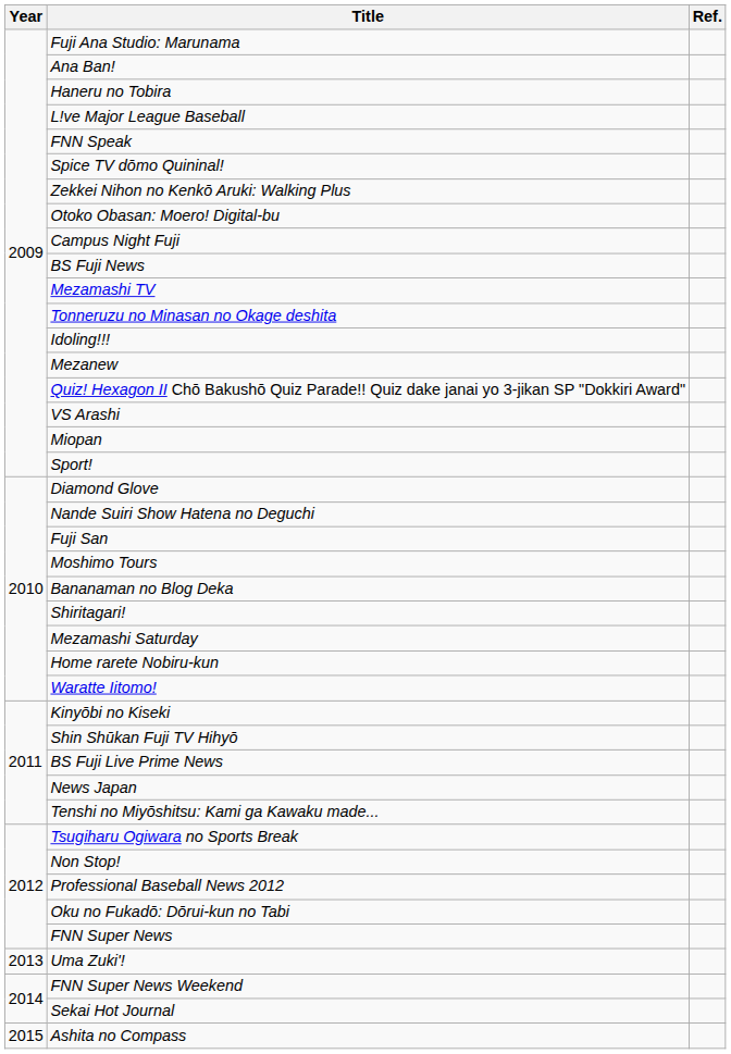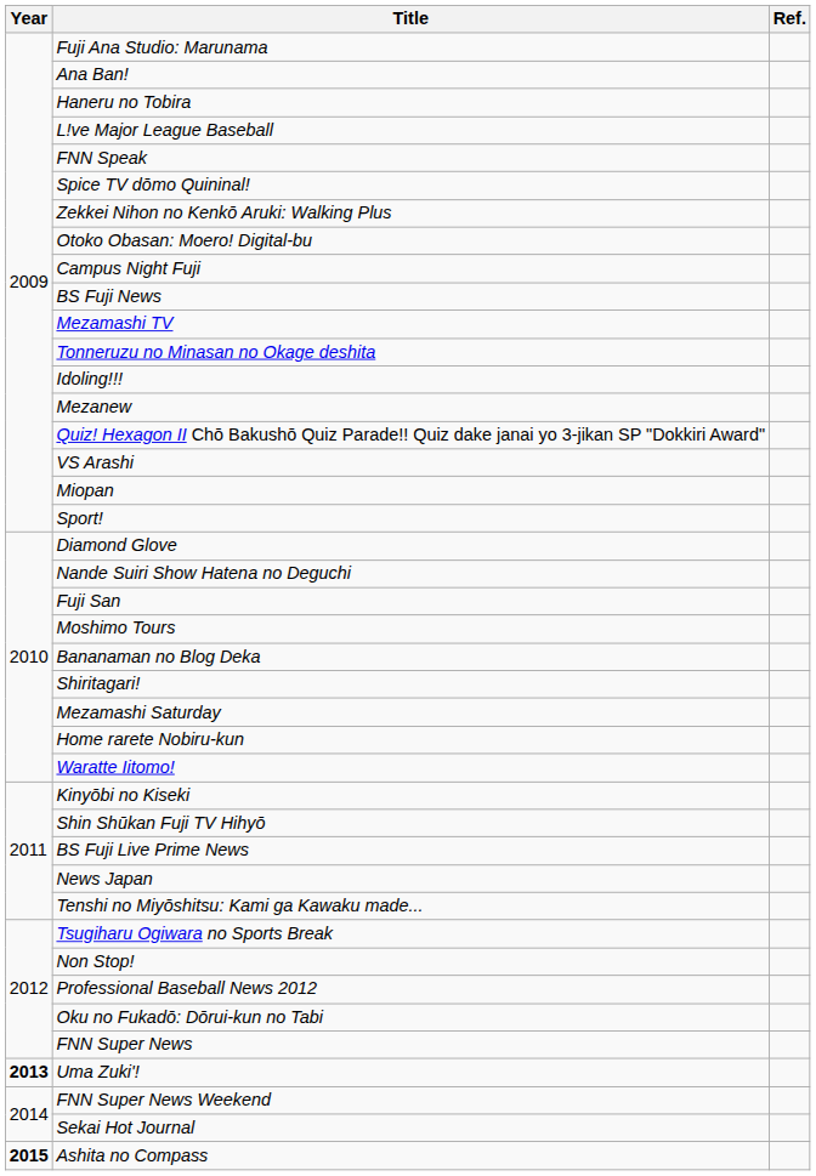 <table class="wikitable">
 <tr>
 <th>Year</th>
 <th>Title</th>
 <th>Ref.</th>
 </tr>
 <tr>
 <td rowspan="18">2009</td>
 <td><em>Fuji Ana Studio: Marunama</em></td>
 <td></td>
 </tr>
 <tr>
 <td><em>Ana Ban!</em></td>
 <td></td>
 </tr>
 <tr>
 <td><em>Haneru no Tobira</em></td>
 <td></td>
 </tr>
 <tr>
 <td><em>L!ve Major League Baseball</em></td>
 <td></td>
 </tr>
 <tr>
 <td><em>FNN Speak</em></td>
 <td></td>
 </tr>
 <tr>
 <td><em>Spice TV dōmo Quininal!</em></td>
 <td></td>
 </tr>
 <tr>
 <td><em>Zekkei Nihon no Kenkō Aruki: Walking Plus</em></td>
 <td></td>
 </tr>
 <tr>
 <td><em>Otoko Obasan: Moero! Digital-bu</em></td>
 <td></td>
 </tr>
 <tr>
 <td><em>Campus Night Fuji</em></td>
 <td></td>
 </tr>
 <tr>
 <td><em>BS Fuji News</em></td>
 <td></td>
 </tr>
 <tr>
 <td><em><a href='#'>Mezamashi TV</a></em></td>
 <td></td>
 </tr>
 <tr>
 <td><em><a href='#'>Tonneruzu no Minasan no Okage deshita</a></em></td>
 <td></td>
 </tr>
 <tr>
 <td><em>Idoling!!!</em></td>
 <td></td>
 </tr>
 <tr>
 <td><em>Mezanew</em></td>
 <td></td>
 </tr>
 <tr>
 <td><em><a href='#'>Quiz! Hexagon II</a></em> Chō Bakushō Quiz Parade!! Quiz dake janai yo 3-jikan SP "Dokkiri Award"</td>
 <td></td>
 </tr>
 <tr>
 <td><em>VS Arashi</em></td>
 <td></td>
 </tr>
 <tr>
 <td><em>Miopan</em></td>
 <td></td>
 </tr>
 <tr>
 <td><em>Sport!</em></td>
 <td></td>
 </tr>
 <tr>
 <td rowspan="9">2010</td>
 <td><em>Diamond Glove</em></td>
 <td></td>
 </tr>
 <tr>
 <td><em>Nande Suiri Show Hatena no Deguchi</em></td>
 <td></td>
 </tr>
 <tr>
 <td><em>Fuji San</em></td>
 <td></td>
 </tr>
 <tr>
 <td><em>Moshimo Tours</em></td>
 <td></td>
 </tr>
 <tr>
 <td><em>Bananaman no Blog Deka</em></td>
 <td></td>
 </tr>
 <tr>
 <td><em>Shiritagari!</em></td>
 <td></td>
 </tr>
 <tr>
 <td><em>Mezamashi Saturday</em></td>
 <td></td>
 </tr>
 <tr>
 <td><em>Home rarete Nobiru-kun</em></td>
 <td></td>
 </tr>
 <tr>
 <td><em><a href='#'>Waratte Iitomo!</a></em></td>
 <td></td>
 </tr>
 <tr>
 <td rowspan="5">2011</td>
 <td><em>Kinyōbi no Kiseki</em></td>
 <td></td>
 </tr>
 <tr>
 <td><em>Shin Shūkan Fuji TV Hihyō</em></td>
 <td></td>
 </tr>
 <tr>
 <td><em>BS Fuji Live Prime News</em></td>
 <td></td>
 </tr>
 <tr>
 <td><em>News Japan</em></td>
 <td></td>
 </tr>
 <tr>
 <td><em>Tenshi no Miyōshitsu: Kami ga Kawaku made...</em></td>
 <td></td>
 </tr>
 <tr>
 <td rowspan="5">2012</td>
 <td><em><a href='#'>Tsugiharu Ogiwara</a> no Sports Break</em></td>
 <td></td>
 </tr>
 <tr>
 <td><em>Non Stop!</em></td>
 <td></td>
 </tr>
 <tr>
 <td><em>Professional Baseball News 2012</em></td>
 <td></td>
 </tr>
 <tr>
 <td><em>Oku no Fukadō: Dōrui-kun no Tabi</em></td>
 <td></td>
 </tr>
 <tr>
 <td><em>FNN Super News</em></td>
 <td></td>
 </tr>
 <tr>
-<td>2013</td>
+<td><strong>2013</strong></td>
 <td><em>Uma Zuki'!</em></td>
 <td></td>
 </tr>
 <tr>
 <td rowspan="2">2014</td>
 <td><em>FNN Super News Weekend</em></td>
 <td></td>
 </tr>
 <tr>
 <td><em>Sekai Hot Journal</em></td>
 <td></td>
 </tr>
 <tr>
-<td>2015</td>
+<td><strong>2015</strong></td>
 <td><em>Ashita no Compass</em></td>
 <td></td>
 </tr>
 </table>
